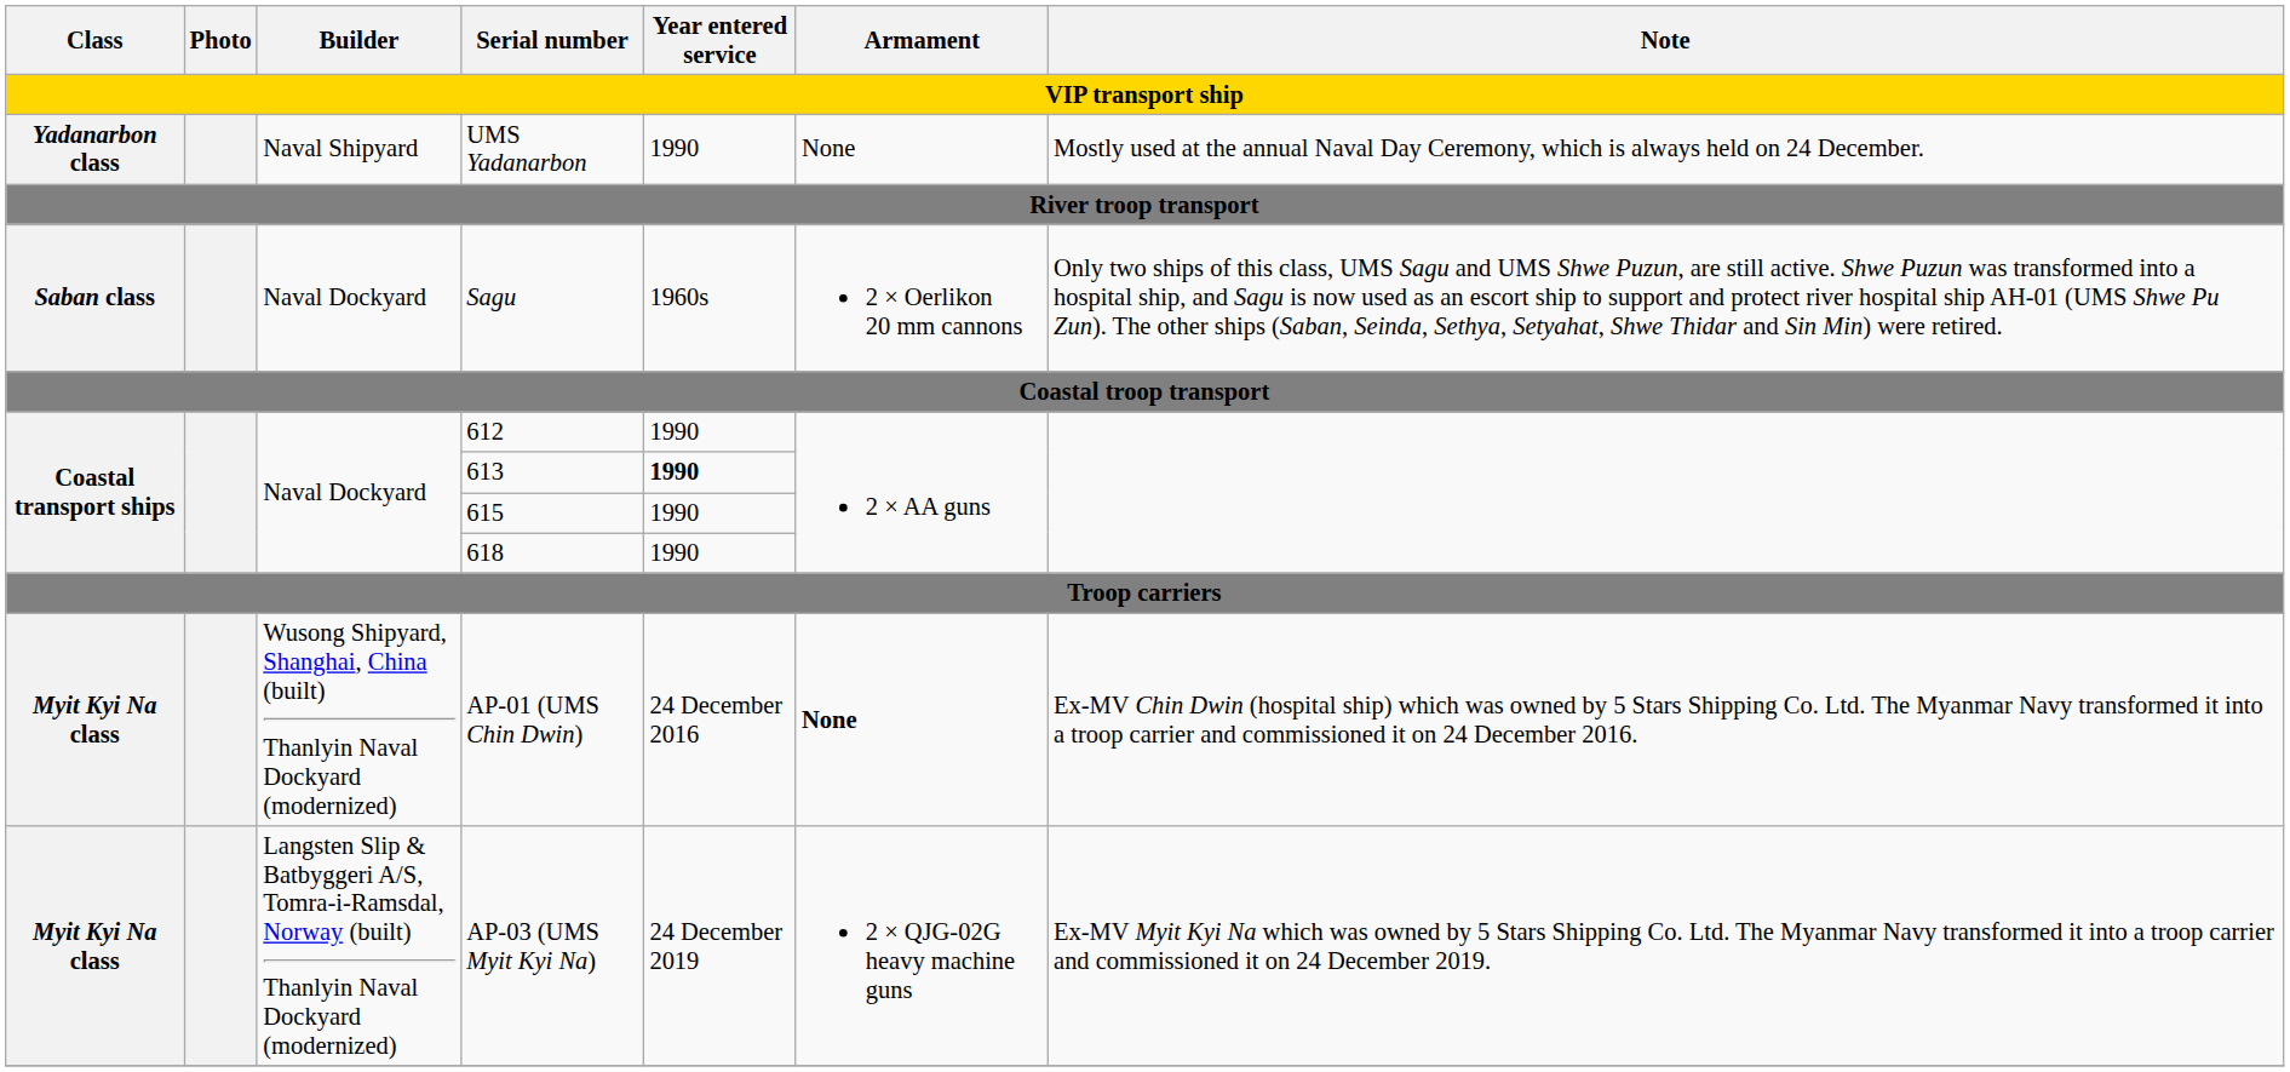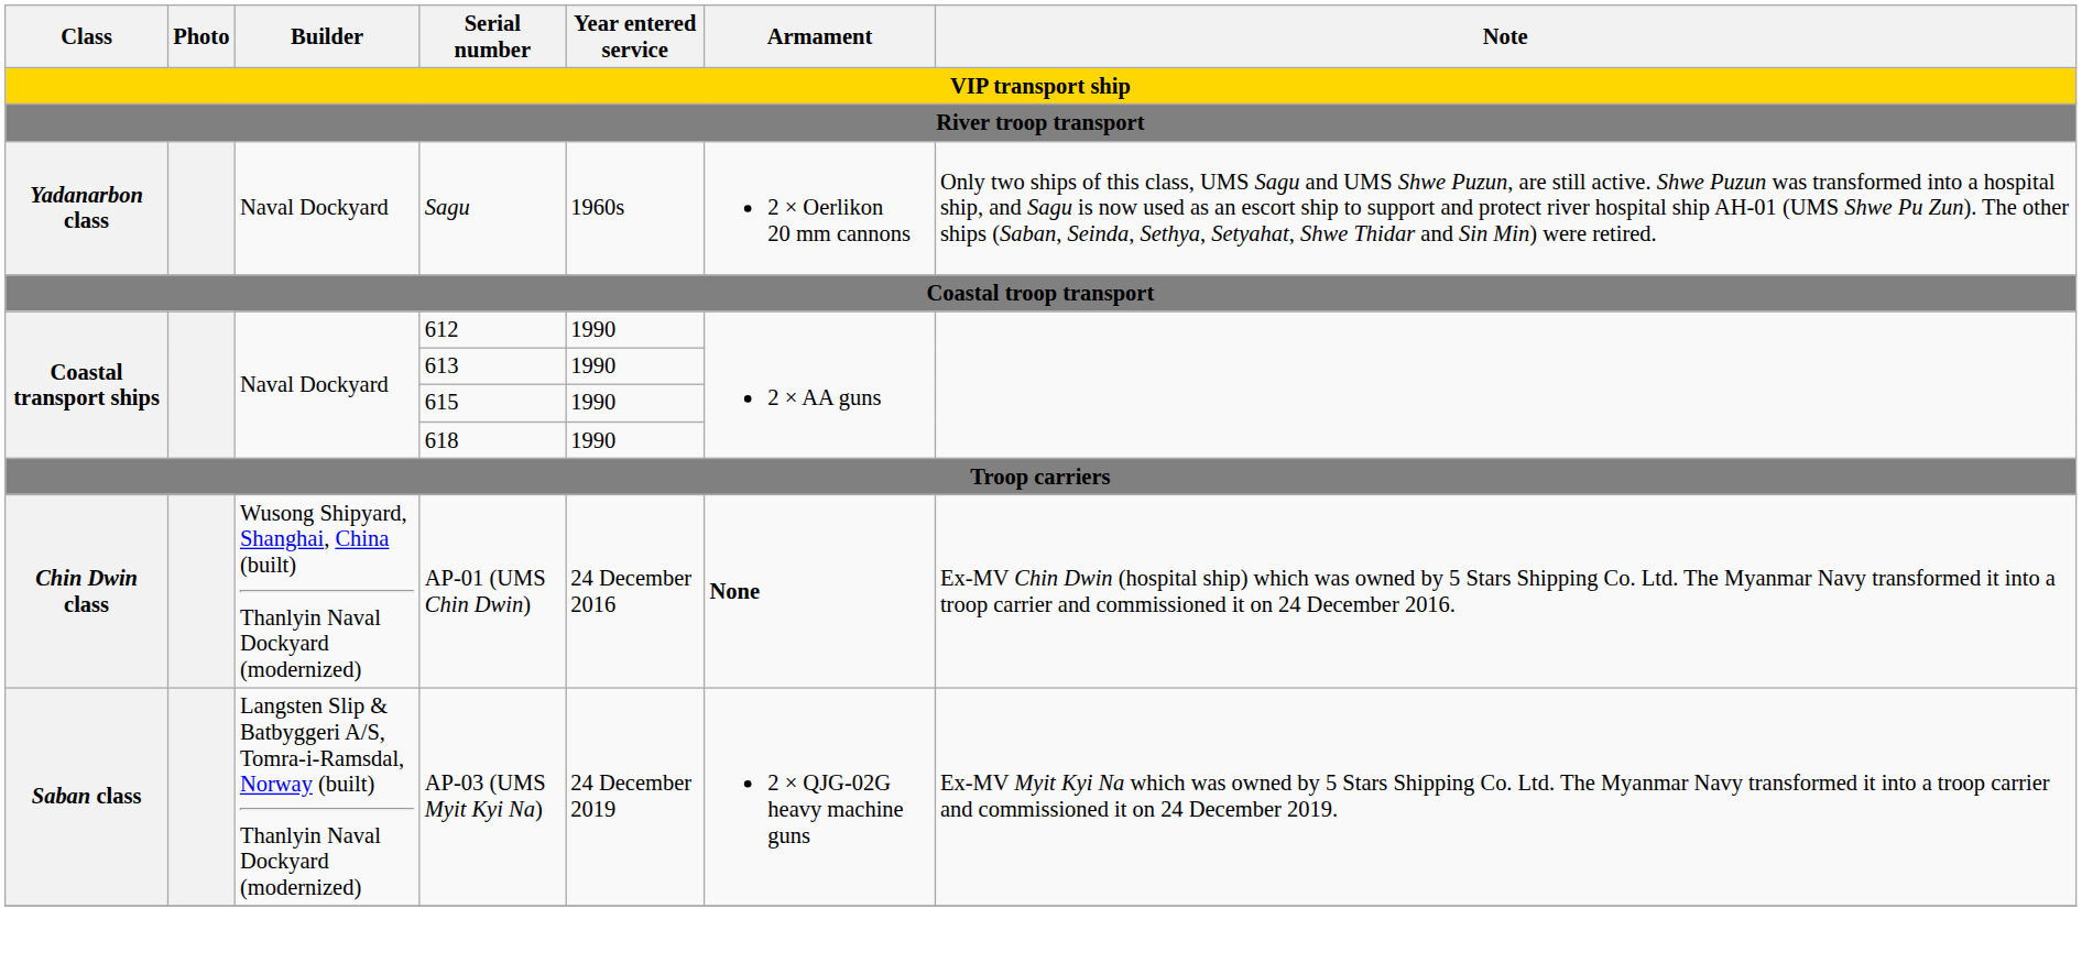 <table class="wikitable" style="font-size:97%; width:90%">
 <tr>
 <th>Class</th>
 <th>Photo</th>
 <th width="120">Builder</th>
 <th>Serial number</th>
 <th>Year entered service</th>
 <th>Armament</th>
 <th>Note</th>
 </tr>
 <tr>
 <th style="align: center; background: gold;" colspan="7">VIP transport ship </th>
 </tr>
 <tr>
-<th rowspan="1"><em>Yadanarbon</em> class</th>
-<th rowspan="1"></th>
-<td rowspan="1">Naval Shipyard </td>
-<td>UMS <em>Yadanarbon</em></td>
-<td>1990</td>
-<td rowspan="1">None</td>
-<td rowspan="1">Mostly used at the annual Naval Day Ceremony, which is always held on 24 December.</td>
-</tr>
-<tr>
 <th style="align: center; background: grey;" colspan="7">River troop transport</th>
 </tr>
 <tr>
-<th rowspan="1"><em>Saban</em> class</th>
+<th rowspan="1"><em>Yadanarbon</em> class</th>
 <th rowspan="1"></th>
 <td rowspan="1">Naval Dockyard </td>
 <td><em>Sagu</em></td>
 <td>1960s</td>
 <td rowspan="1"><br><ul><li>2 × Oerlikon 20 mm cannons</li></ul></td>
 <td rowspan="1">Only two ships of this class, UMS <em>Sagu</em> and UMS <em>Shwe Puzun</em>, are still active. <em>Shwe Puzun</em> was transformed into a hospital ship, and <em>Sagu</em> is now used as an escort ship to support and protect river hospital ship AH-01 (UMS <em>Shwe Pu Zun</em>). The other ships (<em>Saban</em>, <em>Seinda</em>, <em>Sethya</em>, <em>Setyahat</em>, <em>Shwe Thidar</em> and <em>Sin Min</em>) were retired.</td>
 </tr>
 <tr>
 <th style="align: center; background: grey;" colspan="7">Coastal troop transport</th>
 </tr>
 <tr>
 <th rowspan="4">Coastal transport ships</th>
 <th rowspan="4"></th>
 <td rowspan="4">Naval Dockyard </td>
 <td>612</td>
 <td>1990</td>
 <td rowspan="4"><br><ul><li>2 × AA guns</li></ul></td>
 <td rowspan="4"></td>
 </tr>
 <tr>
 <td>613</td>
-<td><strong>1990</strong></td>
+<td>1990</td>
 </tr>
 <tr>
 <td>615</td>
 <td>1990</td>
 </tr>
 <tr>
 <td>618</td>
 <td>1990</td>
 </tr>
 <tr>
 <th style="align: center; background: grey;" colspan="7">Troop carriers</th>
 </tr>
 <tr>
-<th rowspan="1"><em>Myit Kyi Na</em> class</th>
+<th rowspan="1"><em>Chin Dwin</em> class</th>
 <th rowspan="1"></th>
 <td rowspan="1">Wusong Shipyard, <a href='#'>Shanghai</a>, <a href='#'>China</a>  (built) <hr> Thanlyin Naval Dockyard  (modernized)</td>
 <td>AP-01 (UMS <em>Chin Dwin</em>)</td>
 <td>24 December 2016</td>
 <td rowspan="1"><strong>None</strong></td>
 <td rowspans="1">Ex-MV <em>Chin Dwin</em> (hospital ship) which was owned by 5 Stars Shipping Co. Ltd. The Myanmar Navy transformed it into a troop carrier and commissioned it on 24 December 2016.</td>
 </tr>
 <tr>
-<th rowspan="1"><em>Myit Kyi Na</em> class</th>
+<th rowspan="1"><em>Saban</em> class</th>
 <th rowspan="1"></th>
 <td rowspan="1">Langsten Slip & Batbyggeri A/S, Tomra-i-Ramsdal, <a href='#'>Norway</a>  (built) <hr> Thanlyin Naval Dockyard  (modernized)</td>
 <td>AP-03 (UMS <em>Myit Kyi Na</em>)</td>
 <td>24 December 2019</td>
 <td rowspan="1"><br><ul><li>2 × QJG-02G heavy machine guns</li></ul></td>
 <td rowspans="1">Ex-MV <em>Myit Kyi Na</em> which was owned by 5 Stars Shipping Co. Ltd. The Myanmar Navy transformed it into a troop carrier and commissioned it on 24 December 2019.</td>
 </tr>
 <tr>
 </tr>
 </table>
